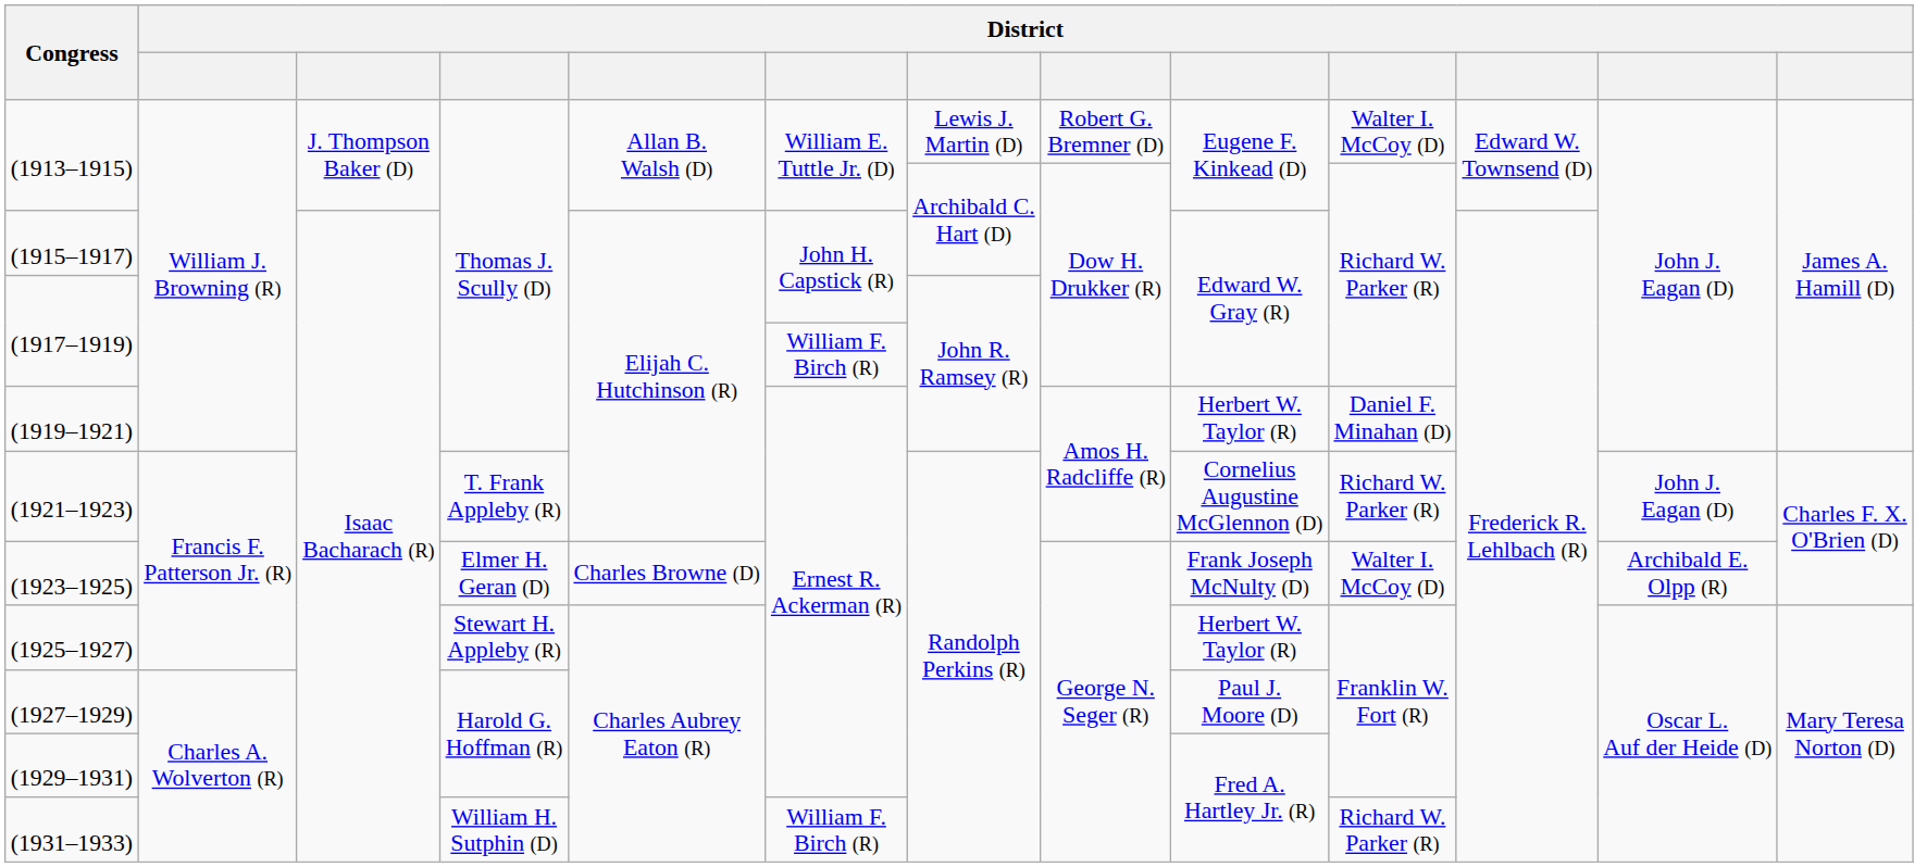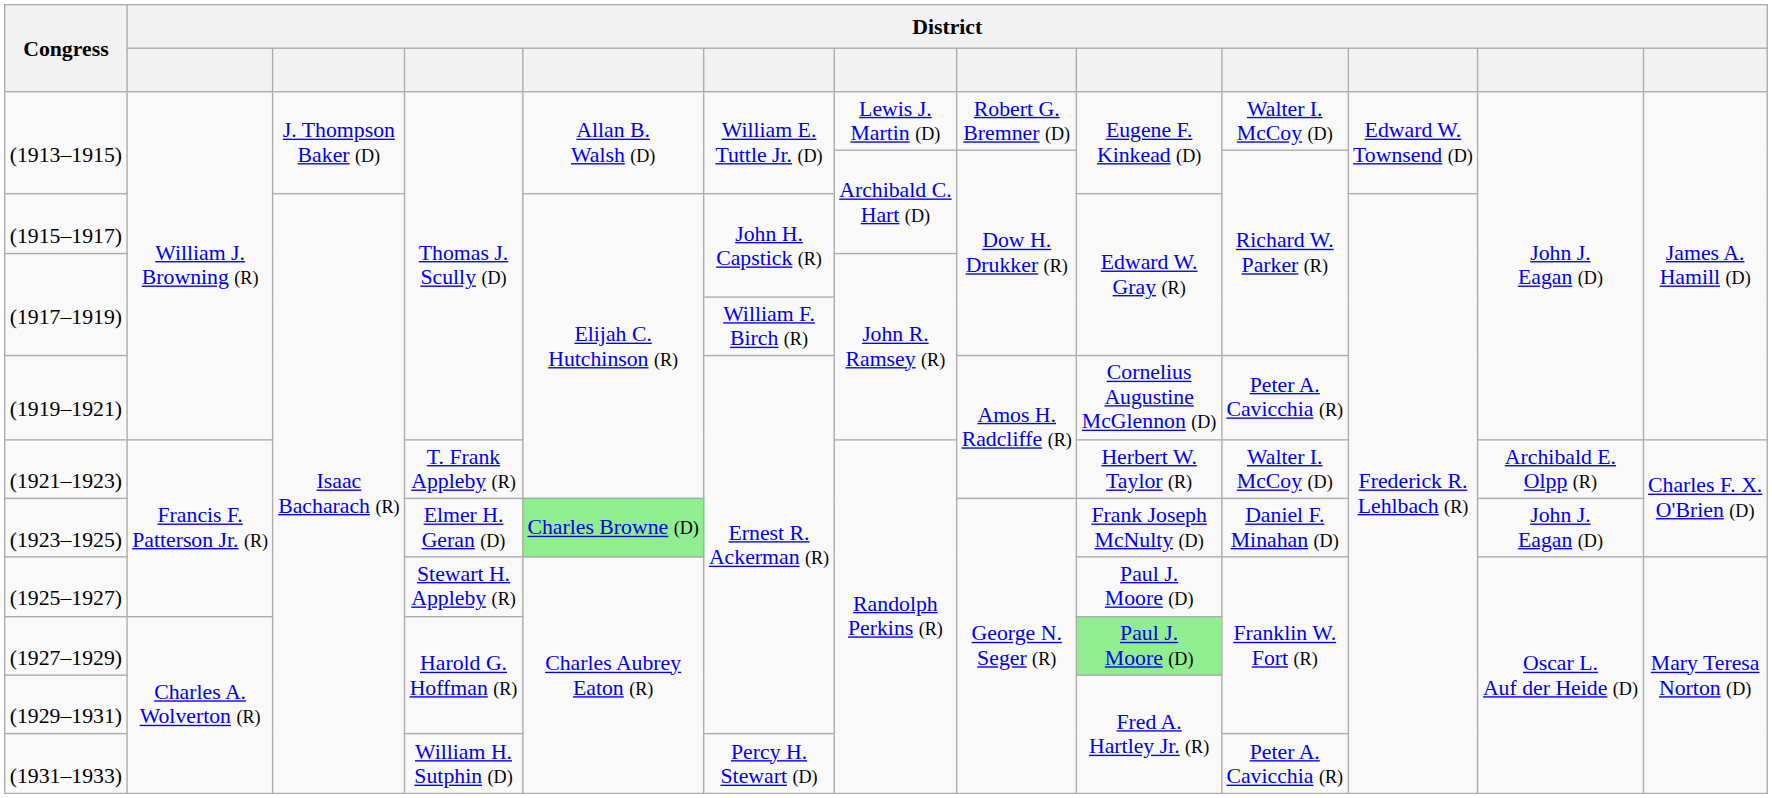 <table class=wikitable style="text-align:center">
 <tr style="height:2em">
 <th rowspan=2>Cong­ress</th>
 <th colspan=12>District</th>
 </tr>
 <tr style="height:2em">
 <th></th>
 <th></th>
 <th></th>
 <th></th>
 <th></th>
 <th></th>
 <th></th>
 <th></th>
 <th></th>
 <th></th>
 <th></th>
 <th></th>
 </tr>
 <tr style="height:2em">
 <td rowspan=2><strong></strong><br>(1913–1915)</td>
 <td rowspan="6" ><a href='#'>William J.<br>Browning</a> <small>(R)</small></td>
 <td rowspan=2 ><a href='#'>J. Thompson<br>Baker</a> <small>(D)</small></td>
 <td rowspan="6" ><a href='#'>Thomas J.<br>Scully</a> <small>(D)</small></td>
 <td rowspan=2 ><a href='#'>Allan B.<br>Walsh</a> <small>(D)</small></td>
 <td rowspan="2" ><a href='#'>William E.<br>Tuttle Jr.</a> <small>(D)</small></td>
 <td><a href='#'>Lewis J.<br>Martin</a> <small>(D)</small></td>
 <td><a href='#'>Robert G.<br>Bremner</a> <small>(D)</small></td>
 <td rowspan=2 ><a href='#'>Eugene F.<br>Kinkead</a> <small>(D)</small></td>
 <td><a href='#'>Walter I.<br>McCoy</a> <small>(D)</small></td>
 <td rowspan=2 ><a href='#'>Edward W.<br>Townsend</a> <small>(D)</small></td>
 <td rowspan=6 ><a href='#'>John J.<br>Eagan</a> <small>(D)</small></td>
 <td rowspan=6 ><a href='#'>James A.<br>Hamill</a> <small>(D)</small></td>
 </tr>
 <tr style="height:2em">
 <td rowspan=2 ><a href='#'>Archibald C.<br>Hart</a> <small>(D)</small></td>
 <td rowspan=4 ><a href='#'>Dow H.<br>Drukker</a> <small>(R)</small></td>
 <td rowspan=4 ><a href='#'>Richard W.<br>Parker</a> <small>(R)</small></td>
 </tr>
 <tr style="height:2em">
 <td><strong></strong><br>(1915–1917)</td>
 <td rowspan="10" ><a href='#'>Isaac<br>Bacharach</a> <small>(R)</small></td>
 <td rowspan=5 ><a href='#'>Elijah C.<br>Hutchin­son</a> <small>(R)</small></td>
 <td rowspan=2 ><a href='#'>John H.<br>Capstick</a> <small>(R)</small></td>
 <td rowspan=3 ><a href='#'>Edward W.<br>Gray</a> <small>(R)</small></td>
 <td rowspan=10 ><a href='#'>Frederick R.<br>Lehlbach</a> <small>(R)</small></td>
 </tr>
 <tr style="height:2em">
 <td rowspan=2><strong></strong><br>(1917–1919)</td>
 <td rowspan=3 ><a href='#'>John R.<br>Ramsey</a> <small>(R)</small></td>
 </tr>
 <tr style="height:2em">
 <td><a href='#'>William F.<br>Birch</a> <small>(R)</small></td>
 </tr>
 <tr style="height:2em">
 <td><strong></strong><br>(1919–1921)</td>
 <td rowspan=6 ><a href='#'>Ernest R.<br>Ackerman</a> <small>(R)</small></td>
 <td rowspan=2 ><a href='#'>Amos H.<br>Radcliffe</a> <small>(R)</small></td>
-<td><a href='#'>Herbert W.<br>Taylor</a> <small>(R)</small></td>
-<td><a href='#'>Daniel F.<br>Minahan</a> <small>(D)</small></td>
+<td><a href='#'>Cornelius<br>Augustine<br>McGlen­non</a> <small>(D)</small></td>
+<td><a href='#'>Peter A.<br>Cavicchia</a> <small>(R)</small></td>
 </tr>
 <tr style="height:2em">
 <td><strong></strong><br>(1921–1923)</td>
 <td rowspan=3 ><a href='#'>Francis F.<br>Patterson Jr.</a> <small>(R)</small></td>
 <td><a href='#'>T. Frank<br>Appleby</a> <small>(R)</small></td>
 <td rowspan=6 ><a href='#'>Randolph<br>Perkins</a> <small>(R)</small></td>
-<td><a href='#'>Cornelius<br>Augustine<br>McGlen­non</a> <small>(D)</small></td>
-<td><a href='#'>Richard W.<br>Parker</a> <small>(R)</small></td>
-<td><a href='#'>John J.<br>Eagan</a> <small>(D)</small></td>
+<td><a href='#'>Herbert W.<br>Taylor</a> <small>(R)</small></td>
+<td><a href='#'>Walter I.<br>McCoy</a> <small>(D)</small></td>
+<td><a href='#'>Archibald E.<br>Olpp</a> <small>(R)</small></td>
 <td rowspan=2 ><a href='#'>Charles F. X.<br>O'Brien</a> <small>(D)</small></td>
 </tr>
 <tr style="height:2em">
 <td><strong></strong><br>(1923–1925)</td>
 <td><a href='#'>Elmer H.<br>Geran</a> <small>(D)</small></td>
-<td><a href='#'>Charles Browne</a> <small>(D)</small></td>
+<td style="background: lightgreen;"><a href='#'>Charles Browne</a> <small>(D)</small></td>
 <td rowspan=5 ><a href='#'>George N.<br>Seger</a> <small>(R)</small></td>
 <td><a href='#'>Frank Joseph<br>McNulty</a> <small>(D)</small></td>
-<td><a href='#'>Walter I.<br>McCoy</a> <small>(D)</small></td>
-<td><a href='#'>Archibald E.<br>Olpp</a> <small>(R)</small></td>
+<td><a href='#'>Daniel F.<br>Minahan</a> <small>(D)</small></td>
+<td><a href='#'>John J.<br>Eagan</a> <small>(D)</small></td>
 </tr>
 <tr style="height:2em">
 <td><strong></strong><br>(1925–1927)</td>
 <td><a href='#'>Stewart H.<br>Appleby</a> <small>(R)</small></td>
 <td rowspan=4 ><a href='#'>Charles Aubrey<br>Eaton</a> <small>(R)</small></td>
-<td><a href='#'>Herbert W.<br>Taylor</a> <small>(R)</small></td>
+<td><a href='#'>Paul J.<br>Moore</a> <small>(D)</small></td>
 <td rowspan=3 ><a href='#'>Franklin W.<br>Fort</a> <small>(R)</small></td>
 <td rowspan=4 ><a href='#'>Oscar L.<br>Auf der Heide</a> <small>(D)</small></td>
 <td rowspan=4 ><a href='#'>Mary Teresa<br>Norton</a> <small>(D)</small></td>
 </tr>
 <tr style="height:2em">
 <td><strong></strong><br>(1927–1929)</td>
 <td rowspan="3" ><a href='#'>Charles A.<br>Wolverton</a> <small>(R)</small></td>
 <td rowspan=2 ><a href='#'>Harold G.<br>Hoffman</a> <small>(R)</small></td>
-<td><a href='#'>Paul J.<br>Moore</a> <small>(D)</small></td>
+<td style="background: lightgreen;"><a href='#'>Paul J.<br>Moore</a> <small>(D)</small></td>
 </tr>
 <tr style="height:2em">
 <td><strong></strong><br>(1929–1931)</td>
 <td rowspan=2 ><a href='#'>Fred A.<br>Hartley Jr.</a> <small>(R)</small></td>
 </tr>
 <tr style="height:2em">
 <td><strong></strong><br>(1931–1933)</td>
 <td><a href='#'>William H.<br>Sutphin</a> <small>(D)</small></td>
-<td><a href='#'>William F.<br>Birch</a> <small>(R)</small></td>
-<td><a href='#'>Richard W.<br>Parker</a> <small>(R)</small></td>
+<td><a href='#'>Percy H.<br>Stewart</a> <small>(D)</small></td>
+<td><a href='#'>Peter A.<br>Cavicchia</a> <small>(R)</small></td>
 </tr>
 </table>
